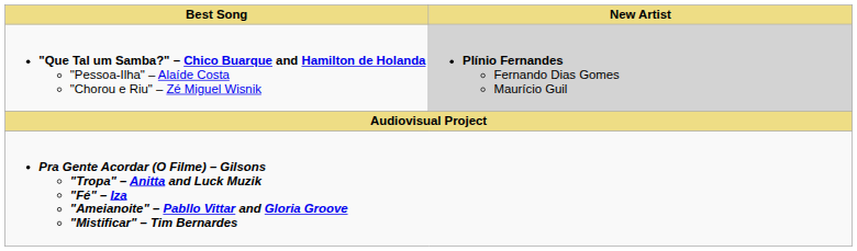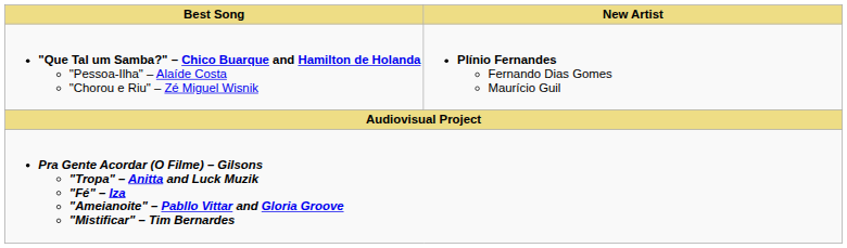 <table class="wikitable" style="width=">
 <tr>
 <th style="background:#EEDD85; width:50%">Best Song</th>
 <th style="background:#EEDD85; width:50%">New Artist</th>
 </tr>
 <tr>
 <td style="vertical-align:top"><br><ul><li><strong>"Que Tal um Samba?" – <a href='#'>Chico Buarque</a> and <a href='#'>Hamilton de Holanda</a></strong><ul><li>"Pessoa-Ilha" – <a href='#'>Alaíde Costa</a></li><li>"Chorou e Riu" – <a href='#'>Zé Miguel Wisnik</a></li></ul></li></ul></td>
-<td style="background: lightgrey; vertical-align:top"><br><ul><li><strong>Plínio Fernandes</strong><ul><li>Fernando Dias Gomes</li><li>Maurício Guil</li></ul></li></ul></td>
+<td style="vertical-align:top"><br><ul><li><strong>Plínio Fernandes</strong><ul><li>Fernando Dias Gomes</li><li>Maurício Guil</li></ul></li></ul></td>
 </tr>
 <tr>
 <th colspan="2" style="background:#EEDD85; width:50%">Audiovisual Project</th>
 </tr>
 <tr>
 <td colspan="2" style="vertical-align:top"><br><ul><li><strong><em>Pra Gente Acordar (O Filme)<em> – Gilsons<strong><ul><li>"Tropa" – <a href='#'>Anitta</a> and Luck Muzik</li><li>"Fé" – <a href='#'>Iza</a></li><li>"Ameianoite" – <a href='#'>Pabllo Vittar</a> and <a href='#'>Gloria Groove</a></li><li>"Mistificar" – Tim Bernardes</li></ul></li></ul></td>
 </tr>
 </table>
